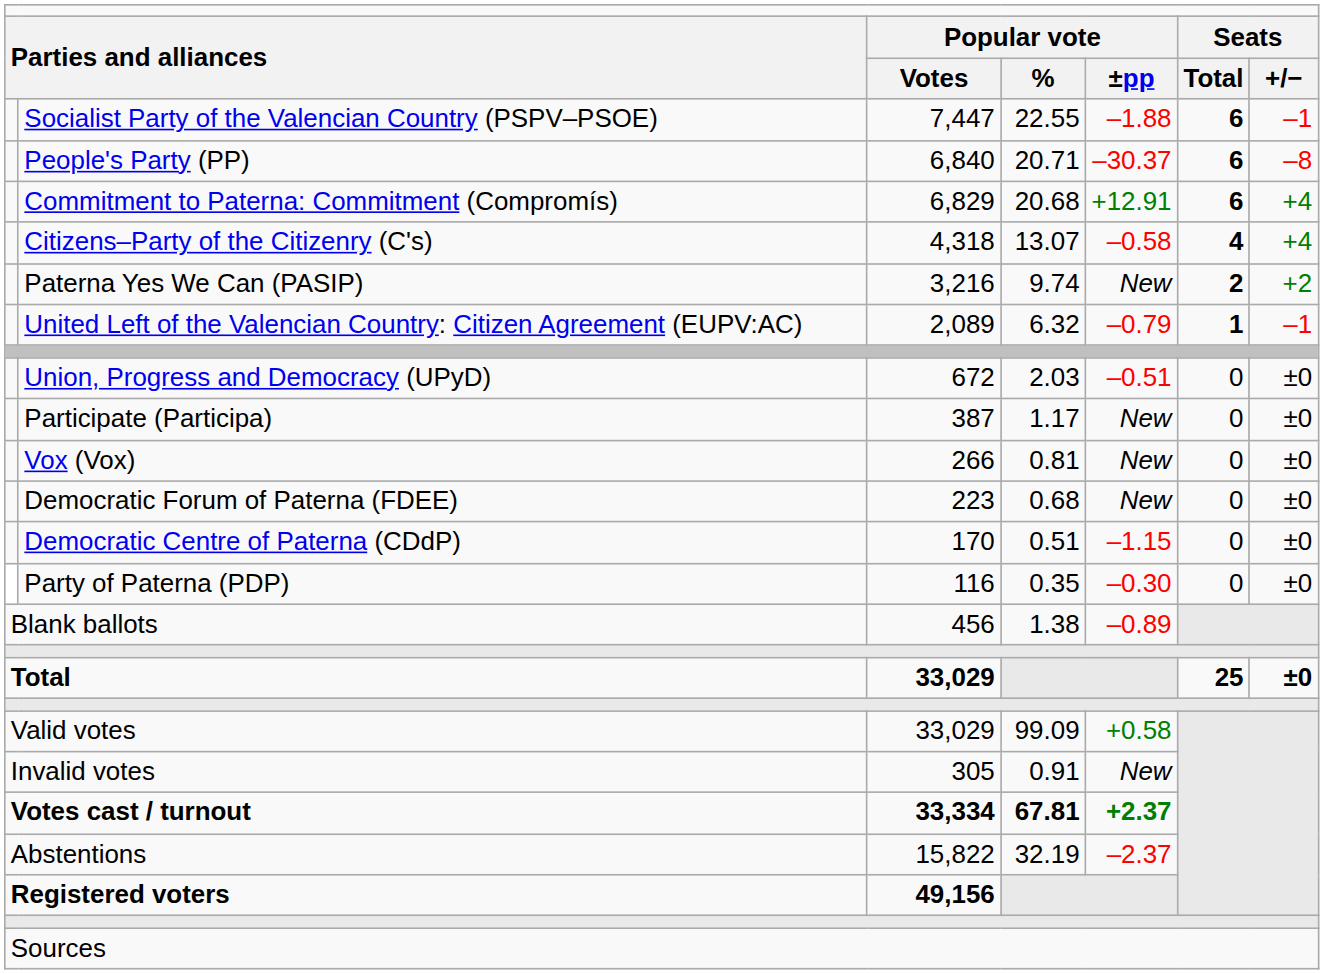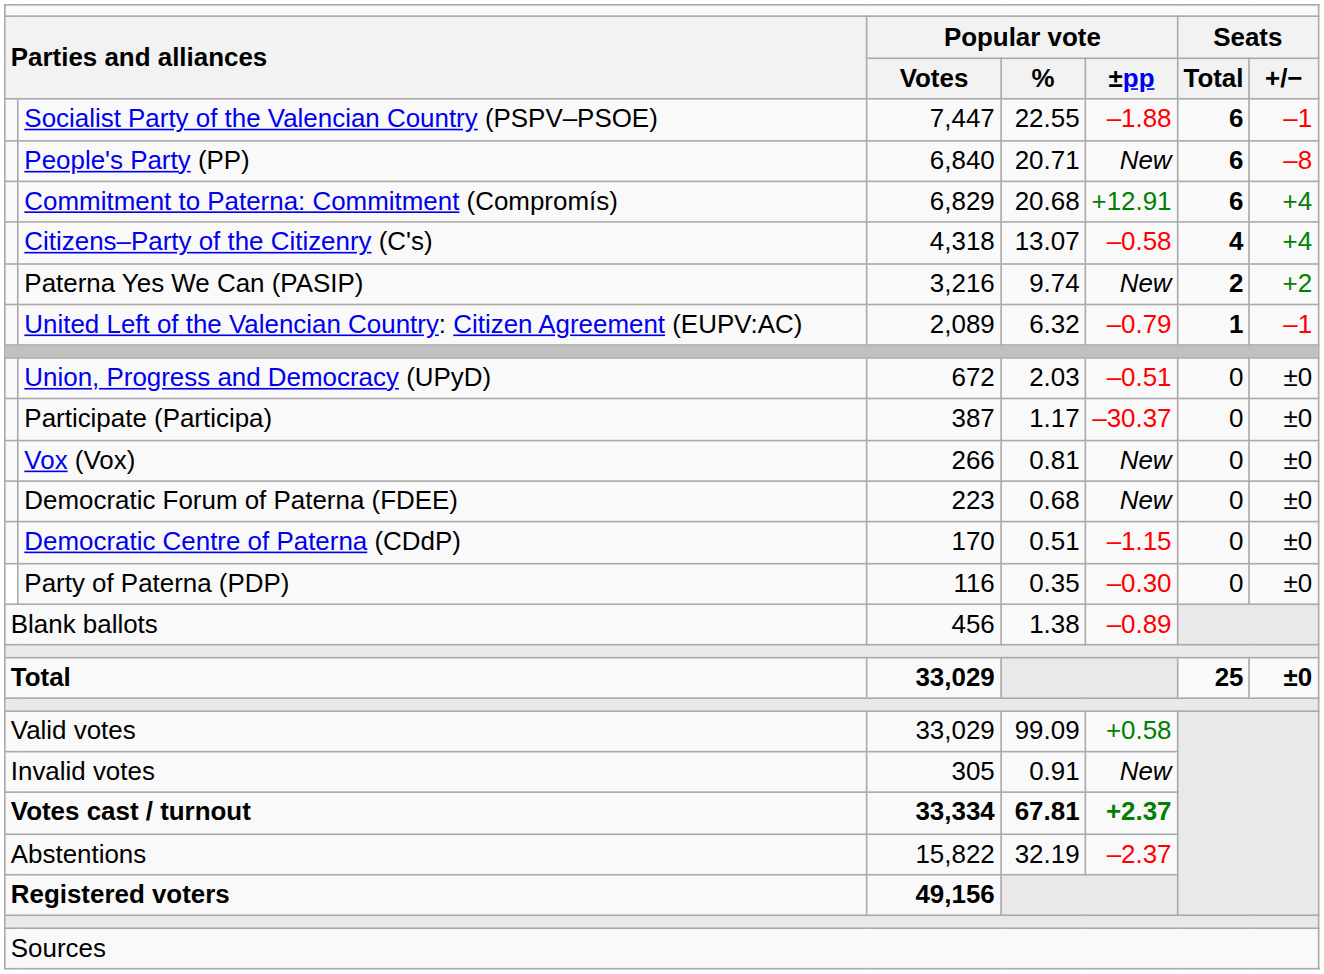 <table class="wikitable" style="text-align:right;">
 <tr>
 <td colspan="7"></td>
 </tr>
 <tr>
 <th style="text-align:left;" rowspan="2" colspan="2" width="525">Parties and alliances</th>
 <th colspan="3">Popular vote</th>
 <th colspan="2">Seats</th>
 </tr>
 <tr>
 <th width="75">Votes</th>
 <th width="45">%</th>
 <th width="45">±<a href='#'>pp</a></th>
 <th width="35">Total</th>
 <th width="35">+/−</th>
 </tr>
 <tr>
 <td width="1" style="color:inherit;background:"></td>
 <td align="left"><a href='#'>Socialist Party of the Valencian Country</a> (PSPV–PSOE)</td>
 <td>7,447</td>
 <td>22.55</td>
 <td style="color:red;">–1.88</td>
 <td><strong>6</strong></td>
 <td style="color:red;">–1</td>
 </tr>
 <tr>
 <td style="color:inherit;background:"></td>
 <td align="left"><a href='#'>People's Party</a> (PP)</td>
 <td>6,840</td>
 <td>20.71</td>
-<td style="color:red;">–30.37</td>
+<td><em>New</em></td>
 <td><strong>6</strong></td>
 <td style="color:red;">–8</td>
 </tr>
 <tr>
 <td style="color:inherit;background:"></td>
 <td align="left"><a href='#'>Commitment to Paterna: Commitment</a> (Compromís)</td>
 <td>6,829</td>
 <td>20.68</td>
 <td style="color:green;">+12.91</td>
 <td><strong>6</strong></td>
 <td style="color:green;">+4</td>
 </tr>
 <tr>
 <td style="color:inherit;background:"></td>
 <td align="left"><a href='#'>Citizens–Party of the Citizenry</a> (C's)</td>
 <td>4,318</td>
 <td>13.07</td>
 <td style="color:red;">–0.58</td>
 <td><strong>4</strong></td>
 <td style="color:green;">+4</td>
 </tr>
 <tr>
 <td style="color:inherit;background:"></td>
 <td align="left">Paterna Yes We Can (PASIP)</td>
 <td>3,216</td>
 <td>9.74</td>
 <td><em>New</em></td>
 <td><strong>2</strong></td>
 <td style="color:green;">+2</td>
 </tr>
 <tr>
 <td style="color:inherit;background:"></td>
 <td align="left"><a href='#'>United Left of the Valencian Country</a>: <a href='#'>Citizen Agreement</a> (EUPV:AC)</td>
 <td>2,089</td>
 <td>6.32</td>
 <td style="color:red;">–0.79</td>
 <td><strong>1</strong></td>
 <td style="color:red;">–1</td>
 </tr>
 <tr>
 <td colspan="7" bgcolor="#C0C0C0"></td>
 </tr>
 <tr>
 <td style="color:inherit;background:"></td>
 <td align="left"><a href='#'>Union, Progress and Democracy</a> (UPyD)</td>
 <td>672</td>
 <td>2.03</td>
 <td style="color:red;">–0.51</td>
 <td>0</td>
 <td>±0</td>
 </tr>
 <tr>
 <td style="color:inherit;background:"></td>
 <td align="left">Participate (Participa)</td>
 <td>387</td>
 <td>1.17</td>
-<td><em>New</em></td>
+<td style="color:red;">–30.37</td>
 <td>0</td>
 <td>±0</td>
 </tr>
 <tr>
 <td style="color:inherit;background:"></td>
 <td align="left"><a href='#'>Vox</a> (Vox)</td>
 <td>266</td>
 <td>0.81</td>
 <td><em>New</em></td>
 <td>0</td>
 <td>±0</td>
 </tr>
 <tr>
 <td style="color:inherit;background:"></td>
 <td align="left">Democratic Forum of Paterna (FDEE)</td>
 <td>223</td>
 <td>0.68</td>
 <td><em>New</em></td>
 <td>0</td>
 <td>±0</td>
 </tr>
 <tr>
 <td style="color:inherit;background:"></td>
 <td align="left"><a href='#'>Democratic Centre of Paterna</a> (CDdP)</td>
 <td>170</td>
 <td>0.51</td>
 <td style="color:red;">–1.15</td>
 <td>0</td>
 <td>±0</td>
 </tr>
 <tr>
 <td bgcolor="white"></td>
 <td align="left">Party of Paterna (PDP)</td>
 <td>116</td>
 <td>0.35</td>
 <td style="color:red;">–0.30</td>
 <td>0</td>
 <td>±0</td>
 </tr>
 <tr>
 <td align="left" colspan="2">Blank ballots</td>
 <td>456</td>
 <td>1.38</td>
 <td style="color:red;">–0.89</td>
 <td bgcolor="#E9E9E9" colspan="2"></td>
 </tr>
 <tr>
 <td colspan="7" bgcolor="#E9E9E9"></td>
 </tr>
 <tr style="font-weight:bold;">
 <td align="left" colspan="2">Total</td>
 <td>33,029</td>
 <td bgcolor="#E9E9E9" colspan="2"></td>
 <td>25</td>
 <td>±0</td>
 </tr>
 <tr>
 <td colspan="7" bgcolor="#E9E9E9"></td>
 </tr>
 <tr>
 <td align="left" colspan="2">Valid votes</td>
 <td>33,029</td>
 <td>99.09</td>
 <td style="color:green;">+0.58</td>
 <td bgcolor="#E9E9E9" colspan="2" rowspan="5"></td>
 </tr>
 <tr>
 <td align="left" colspan="2">Invalid votes</td>
 <td>305</td>
 <td>0.91</td>
 <td><em>New</em></td>
 </tr>
 <tr style="font-weight:bold;">
 <td align="left" colspan="2">Votes cast / turnout</td>
 <td>33,334</td>
 <td>67.81</td>
 <td style="color:green;">+2.37</td>
 </tr>
 <tr>
 <td align="left" colspan="2">Abstentions</td>
 <td>15,822</td>
 <td>32.19</td>
 <td style="color:red;">–2.37</td>
 </tr>
 <tr style="font-weight:bold;">
 <td align="left" colspan="2">Registered voters</td>
 <td>49,156</td>
 <td bgcolor="#E9E9E9" colspan="2"></td>
 </tr>
 <tr>
 <td colspan="7" bgcolor="#E9E9E9"></td>
 </tr>
 <tr>
 <td align="left" colspan="7">Sources</td>
 </tr>
 </table>
